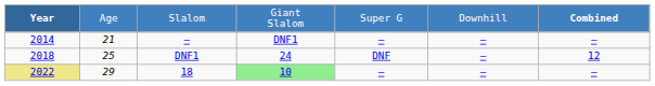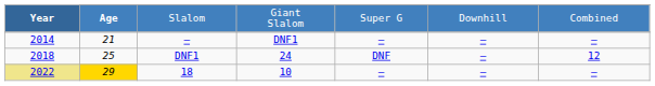 <table class="wikitable" style="font-size:95%; text-align:center; border:grey solid 1px; border-collapse:collapse;" width="40%">
 <tr style="background-color:#369; color:white;">
 <td rowspan="2" colspan="1" width="4%"><strong>Year</strong></td>
 </tr>
 <tr style="background-color:#4180be; color:white;">
-<td width="3%">Age</td>
+<td width="3%"><strong>Age</strong></td>
 <td width="5%">Slalom</td>
 <td width="5%">Giant<br>Slalom</td>
 <td width="5%">Super G</td>
 <td width="5%">Downhill</td>
-<td width="5%"><strong>Combined</strong></td>
+<td width="5%">Combined</td>
 </tr>
 <tr style="background-color:#8CB2D8; color:white;">
 </tr>
 <tr>
 <td><a href='#'>2014</a></td>
 <td><em>21</em></td>
 <td><a href='#'>—</a></td>
 <td><a href='#'>DNF1</a></td>
 <td><a href='#'>—</a></td>
 <td><a href='#'>—</a></td>
 <td><a href='#'>—</a></td>
 </tr>
 <tr>
 <td><a href='#'>2018</a></td>
 <td><em>25</em></td>
 <td><a href='#'>DNF1</a></td>
 <td><a href='#'>24</a></td>
 <td><a href='#'>DNF</a></td>
 <td><a href='#'>—</a></td>
 <td><a href='#'>12</a></td>
 </tr>
 <tr>
 <td style="background: khaki;"><a href='#'>2022</a></td>
-<td><em>29</em></td>
+<td style="background: gold;"><em>29</em></td>
 <td><a href='#'>18</a></td>
-<td style="background: lightgreen;"><a href='#'>10</a></td>
+<td><a href='#'>10</a></td>
 <td><a href='#'>—</a></td>
 <td><a href='#'>—</a></td>
 <td><a href='#'>—</a></td>
 </tr>
 </table>
